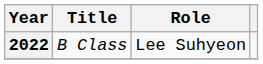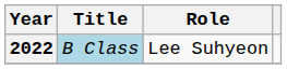 <table class="wikitable plainrowheaders sortable">
 <tr>
 <th>Year</th>
 <th>Title</th>
 <th>Role</th>
 <th class="unsortable"></th>
 </tr>
 <tr>
 <th scope="row">2022</th>
-<td><em>B Class</em></td>
+<td style="background: lightblue;"><em>B Class</em></td>
 <td>Lee Suhyeon</td>
 <td></td>
 </tr>
 <tr>
 </tr>
 </table>
